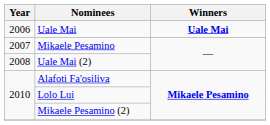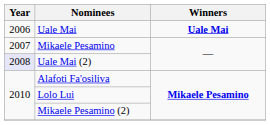 <table class="wikitable">
 <tr>
 <th width=40>Year</th>
 <th width=170>Nominees</th>
 <th width=170>Winners</th>
 </tr>
 <tr>
 <td align=center>2006</td>
 <td><a href='#'>Uale Mai</a></td>
 <td align=center><strong><a href='#'>Uale Mai</a></strong></td>
 </tr>
 <tr>
 <td align=center>2007</td>
 <td><a href='#'>Mikaele Pesamino</a></td>
 <td align=center rowspan=2>—</td>
 </tr>
 <tr>
-<td align=center>2008</td>
+<td align=center style="background: lavender;">2008</td>
 <td><a href='#'>Uale Mai</a> (2)</td>
 </tr>
 <tr>
 <td align=center rowspan=3>2010</td>
 <td><a href='#'>Alafoti Fa'osiliva</a></td>
 <td align=center rowspan=3><strong><a href='#'>Mikaele Pesamino</a></strong></td>
 </tr>
 <tr>
 <td><a href='#'>Lolo Lui</a></td>
 </tr>
 <tr>
 <td><a href='#'>Mikaele Pesamino</a> (2)</td>
 </tr>
 <tr>
 </tr>
 </table>
